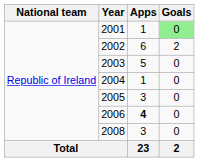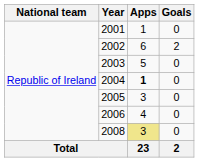 <table class="wikitable" style="text-align:center">
 <tr>
 <th>National team</th>
 <th>Year</th>
 <th>Apps</th>
 <th>Goals</th>
 </tr>
 <tr>
 <td rowspan="7"><a href='#'>Republic of Ireland</a></td>
 <td>2001</td>
 <td>1</td>
-<td style="background: lightgreen;">0</td>
+<td>0</td>
 </tr>
 <tr>
 <td>2002</td>
 <td>6</td>
 <td>2</td>
 </tr>
 <tr>
 <td>2003</td>
 <td>5</td>
 <td>0</td>
 </tr>
 <tr>
 <td>2004</td>
-<td>1</td>
+<td><strong>1</strong></td>
 <td>0</td>
 </tr>
 <tr>
 <td>2005</td>
 <td>3</td>
 <td>0</td>
 </tr>
 <tr>
 <td>2006</td>
-<td><strong>4</strong></td>
+<td>4</td>
 <td>0</td>
 </tr>
 <tr>
 <td>2008</td>
-<td>3</td>
+<td style="background: khaki;">3</td>
 <td>0</td>
 </tr>
 <tr>
 <th colspan="2">Total</th>
 <th>23</th>
 <th>2</th>
 </tr>
 </table>
